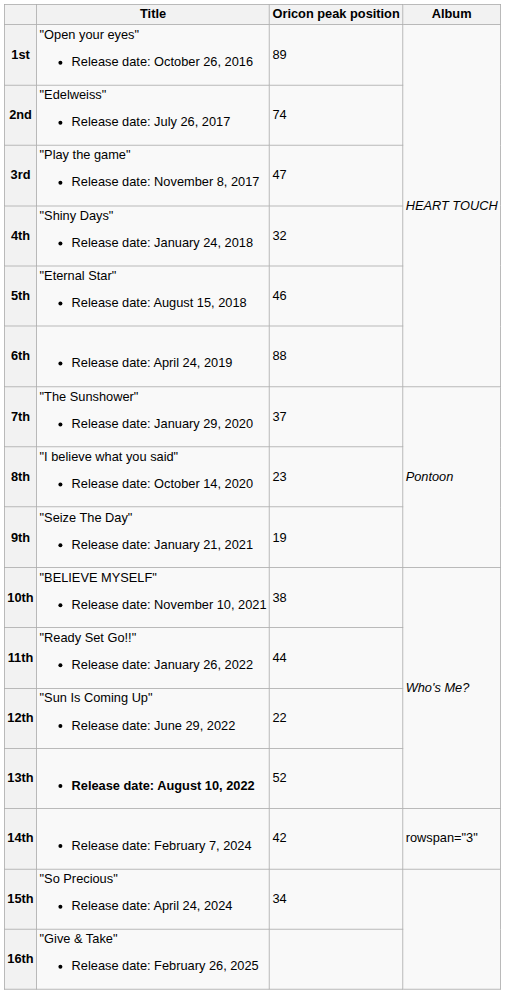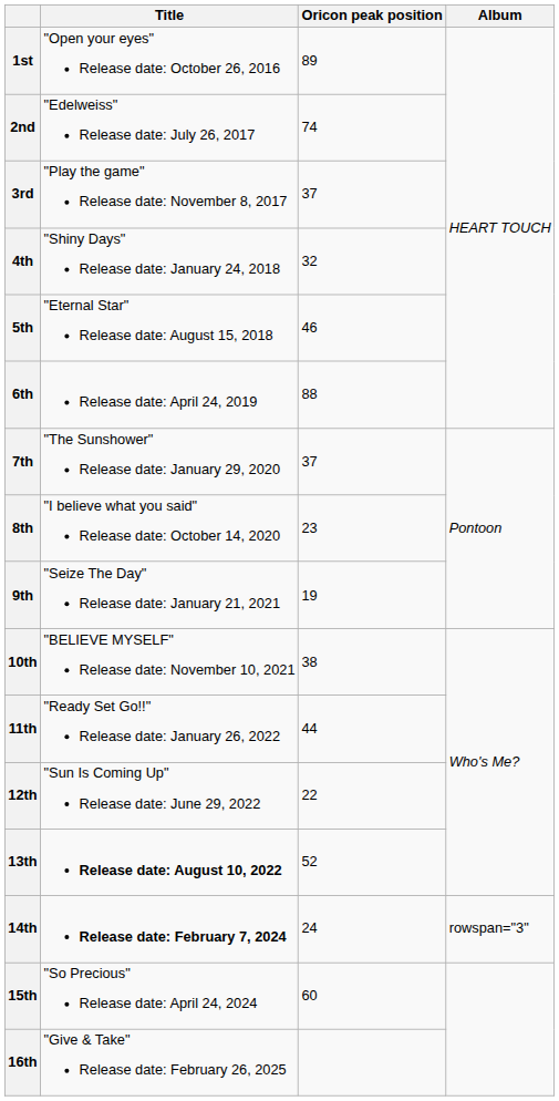 <table class="wikitable">
 <tr>
 <th></th>
 <th>Title</th>
 <th>Oricon peak position</th>
 <th>Album</th>
 </tr>
 <tr>
 <th>1st</th>
 <td>"Open your eyes"<br><ul><li>Release date: October 26, 2016</li></ul></td>
 <td>89</td>
 <td rowspan="6"><em>HEART TOUCH</em></td>
 </tr>
 <tr>
 <th>2nd</th>
 <td>"Edelweiss"<br><ul><li>Release date: July 26, 2017</li></ul></td>
 <td>74</td>
 </tr>
 <tr>
 <th>3rd</th>
 <td>"Play the game"<br><ul><li>Release date: November 8, 2017</li></ul></td>
-<td>47</td>
+<td>37</td>
 </tr>
 <tr>
 <th>4th</th>
 <td>"Shiny Days"<br><ul><li>Release date: January 24, 2018</li></ul></td>
 <td>32</td>
 </tr>
 <tr>
 <th>5th</th>
 <td>"Eternal Star"<br><ul><li>Release date: August 15, 2018</li></ul></td>
 <td>46</td>
 </tr>
 <tr>
 <th>6th</th>
 <td><br><ul><li>Release date: April 24, 2019</li></ul></td>
 <td>88</td>
 </tr>
 <tr>
 <th>7th</th>
 <td>"The Sunshower"<br><ul><li>Release date: January 29, 2020</li></ul></td>
 <td>37</td>
 <td rowspan="3"><em>Pontoon</em></td>
 </tr>
 <tr>
 <th>8th</th>
 <td>"I believe what you said"<br><ul><li>Release date: October 14, 2020</li></ul></td>
 <td>23</td>
 </tr>
 <tr>
 <th>9th</th>
 <td>"Seize The Day"<br><ul><li>Release date: January 21, 2021</li></ul></td>
 <td>19</td>
 </tr>
 <tr>
 <th>10th</th>
 <td>"BELIEVE MYSELF"<br><ul><li>Release date: November 10, 2021</li></ul></td>
 <td>38</td>
 <td rowspan="4"><em>Who's Me?</em></td>
 </tr>
 <tr>
 <th>11th</th>
 <td>"Ready Set Go!!"<br><ul><li>Release date: January 26, 2022</li></ul></td>
 <td>44</td>
 </tr>
 <tr>
 <th>12th</th>
 <td>"Sun Is Coming Up"<br><ul><li>Release date: June 29, 2022</li></ul></td>
 <td rowspan="1">22</td>
 </tr>
 <tr>
 <th>13th</th>
 <td><strong><br><ul><li>Release date: August 10, 2022</li></ul></strong></td>
 <td>52</td>
 </tr>
 <tr>
 <th>14th</th>
-<td><br><ul><li>Release date: February 7, 2024</li></ul></td>
-<td>42</td>
+<td><strong><br><ul><li>Release date: February 7, 2024</li></ul></strong></td>
+<td>24</td>
 <td>rowspan="3" </td>
 </tr>
 <tr>
 <th>15th</th>
 <td>"So Precious"<br><ul><li>Release date: April 24, 2024</li></ul></td>
-<td>34</td>
+<td>60</td>
 </tr>
 <tr>
 <th>16th</th>
 <td>"Give & Take"<br><ul><li>Release date: February 26, 2025</li></ul></td>
 <td></td>
 </tr>
 </table>
